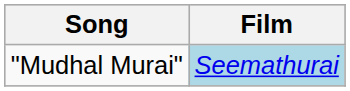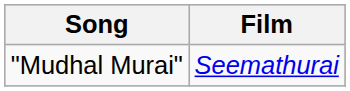 <table class="wikitable sortable">
 <tr>
 <th>Song</th>
 <th>Film</th>
 </tr>
 <tr>
 <td>"Mudhal Murai"</td>
-<td style="background: lightblue;"><em><a href='#'>Seemathurai</a></em></td>
+<td><em><a href='#'>Seemathurai</a></em></td>
 </tr>
 </table>
